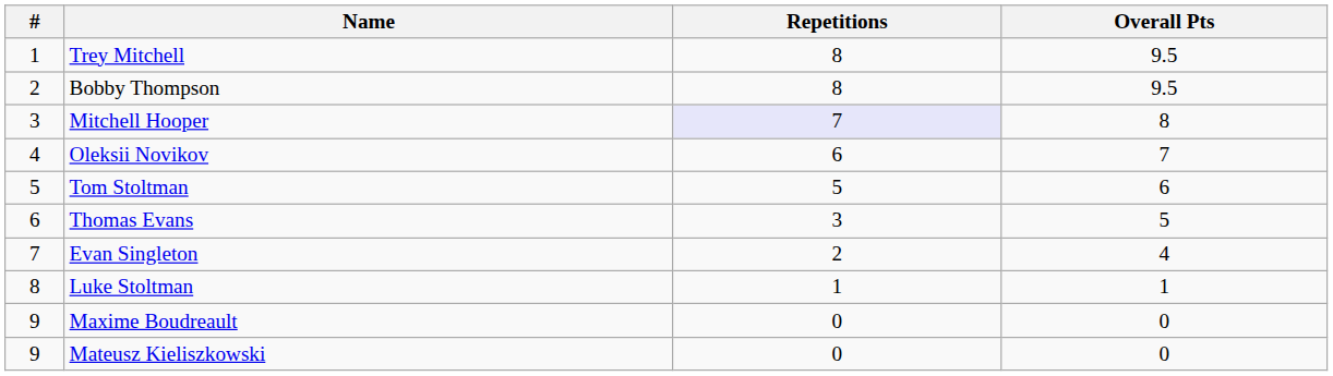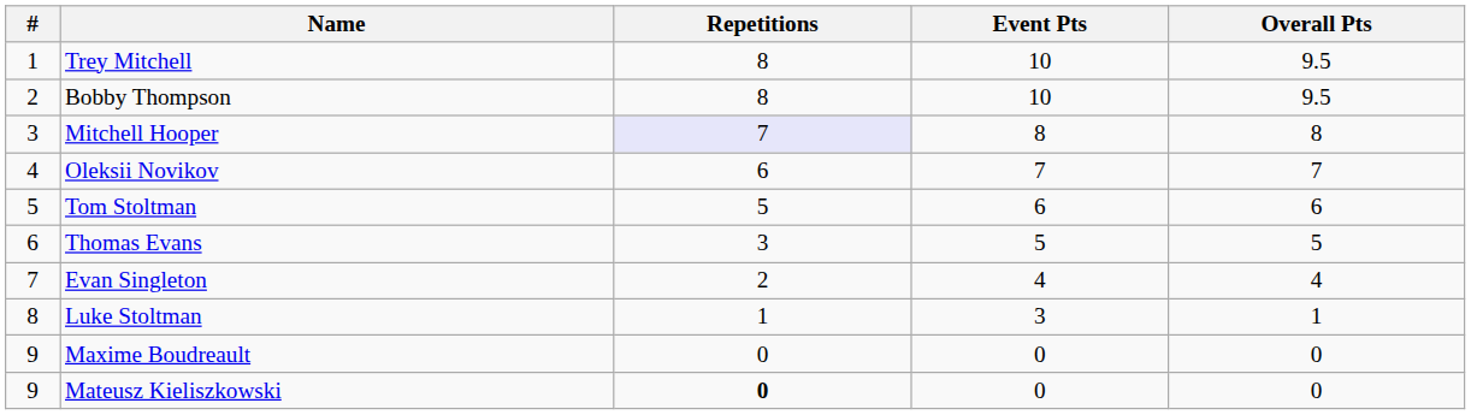 <table class="wikitable sortable" style="display: inline-table;width: 80%; text-align:center">
 <tr>
 <th>#</th>
 <th>Name</th>
 <th>Repetitions</th>
+<th>Event Pts</th>
 <th>Overall Pts</th>
 </tr>
 <tr>
 <td>1</td>
 <td align="left"> <a href='#'>Trey Mitchell</a></td>
 <td>8</td>
+<td>10</td>
 <td>9.5</td>
 </tr>
 <tr>
 <td>2</td>
 <td align="left"> Bobby Thompson</td>
 <td>8</td>
+<td>10</td>
 <td>9.5</td>
 </tr>
 <tr>
 <td>3</td>
 <td align="left"> <a href='#'>Mitchell Hooper</a></td>
 <td style="background: lavender;">7</td>
 <td>8</td>
+<td>8</td>
 </tr>
 <tr>
 <td>4</td>
 <td align="left"> <a href='#'>Oleksii Novikov</a></td>
 <td>6</td>
+<td>7</td>
 <td>7</td>
 </tr>
 <tr>
 <td>5</td>
 <td align="left"> <a href='#'>Tom Stoltman</a></td>
 <td>5</td>
 <td>6</td>
+<td>6</td>
 </tr>
 <tr>
 <td>6</td>
 <td align="left"> <a href='#'>Thomas Evans</a></td>
 <td>3</td>
+<td>5</td>
 <td>5</td>
 </tr>
 <tr>
 <td>7</td>
 <td align="left"> <a href='#'>Evan Singleton</a></td>
 <td>2</td>
 <td>4</td>
+<td>4</td>
 </tr>
 <tr>
 <td>8</td>
 <td align="left"> <a href='#'>Luke Stoltman</a></td>
 <td>1</td>
+<td>3</td>
 <td>1</td>
 </tr>
 <tr>
 <td>9</td>
 <td align="left"> <a href='#'>Maxime Boudreault</a></td>
 <td>0</td>
 <td>0</td>
+<td>0</td>
 </tr>
 <tr>
 <td>9</td>
 <td align="left"> <a href='#'>Mateusz Kieliszkowski</a></td>
+<td><strong>0</strong></td>
 <td>0</td>
 <td>0</td>
 </tr>
 </table>
